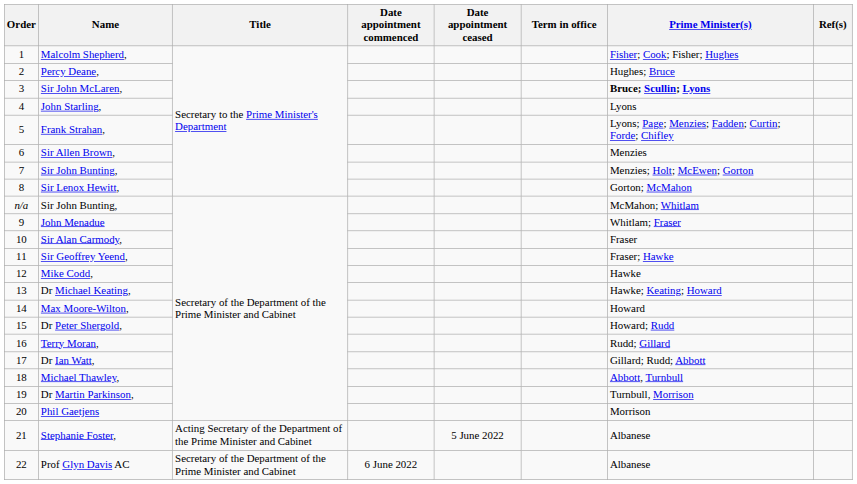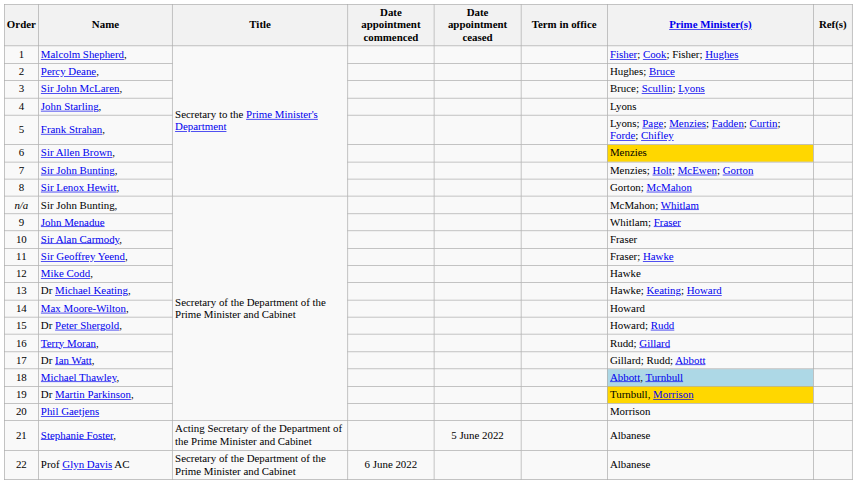 <table class="wikitable">
 <tr>
 <th width=5>Order</th>
 <th width=190>Name</th>
 <th width=250>Title</th>
 <th width=120>Date appointment<br>commenced</th>
 <th width=120>Date appointment<br>ceased</th>
 <th width=120>Term in office</th>
 <th><a href='#'>Prime Minister(s)</a></th>
 <th width=50>Ref(s)</th>
 </tr>
 <tr>
 <td align=center>1</td>
 <td><a href='#'>Malcolm Shepherd</a>, </td>
 <td rowspan=8>Secretary to the <a href='#'>Prime Minister's Department</a></td>
 <td align=center></td>
 <td align=center></td>
 <td align=right></td>
 <td><a href='#'>Fisher</a>; <a href='#'>Cook</a>; Fisher; <a href='#'>Hughes</a></td>
 <td></td>
 </tr>
 <tr>
 <td align=center>2</td>
 <td><a href='#'>Percy Deane</a>, </td>
 <td align=center></td>
 <td align=center></td>
 <td align=right></td>
 <td>Hughes; <a href='#'>Bruce</a></td>
 <td></td>
 </tr>
 <tr>
 <td align=center>3</td>
 <td><a href='#'>Sir John McLaren</a>, </td>
 <td align=center></td>
 <td align=center></td>
 <td align=right></td>
-<td><strong>Bruce; <a href='#'>Scullin</a>; <a href='#'>Lyons</a></strong></td>
+<td>Bruce; <a href='#'>Scullin</a>; <a href='#'>Lyons</a></td>
 <td></td>
 </tr>
 <tr>
 <td align=center>4</td>
 <td><a href='#'>John Starling</a>, </td>
 <td align=center></td>
 <td align=center></td>
 <td align=right></td>
 <td>Lyons</td>
 <td></td>
 </tr>
 <tr>
 <td align=center>5</td>
 <td><a href='#'>Frank Strahan</a>, </td>
 <td align=center></td>
 <td align=center></td>
 <td align=right></td>
 <td>Lyons; <a href='#'>Page</a>; <a href='#'>Menzies</a>; <a href='#'>Fadden</a>; <a href='#'>Curtin</a>; <a href='#'>Forde</a>; <a href='#'>Chifley</a></td>
 <td></td>
 </tr>
 <tr>
 <td align=center>6</td>
 <td><a href='#'>Sir Allen Brown</a>, </td>
 <td align=center></td>
 <td align=center></td>
 <td align=right></td>
-<td>Menzies</td>
+<td style="background: gold;">Menzies</td>
 <td></td>
 </tr>
 <tr>
 <td align=center>7</td>
 <td><a href='#'>Sir John Bunting</a>, </td>
 <td align=center></td>
 <td align=center></td>
 <td align=right></td>
 <td>Menzies; <a href='#'>Holt</a>; <a href='#'>McEwen</a>; <a href='#'>Gorton</a></td>
 <td></td>
 </tr>
 <tr>
 <td align=center>8</td>
 <td><a href='#'>Sir Lenox Hewitt</a>, </td>
 <td align=center></td>
 <td align=center></td>
 <td align=right></td>
 <td>Gorton; <a href='#'>McMahon</a></td>
 <td></td>
 </tr>
 <tr>
 <td align=center><em>n/a</em></td>
 <td>Sir John Bunting, </td>
 <td rowspan="13">Secretary of the Department of the Prime Minister and Cabinet</td>
 <td align=center></td>
 <td align=center></td>
 <td align=right></td>
 <td>McMahon; <a href='#'>Whitlam</a></td>
 <td></td>
 </tr>
 <tr>
 <td align=center>9</td>
 <td><a href='#'>John Menadue</a></td>
 <td align=center></td>
 <td align=center></td>
 <td align=right></td>
 <td>Whitlam; <a href='#'>Fraser</a></td>
 <td></td>
 </tr>
 <tr>
 <td align=center>10</td>
 <td><a href='#'>Sir Alan Carmody</a>, </td>
 <td align=center></td>
 <td align=center></td>
 <td align=right></td>
 <td>Fraser</td>
 <td></td>
 </tr>
 <tr>
 <td align=center>11</td>
 <td><a href='#'>Sir Geoffrey Yeend</a>, </td>
 <td align=center></td>
 <td align=center></td>
 <td align=right></td>
 <td>Fraser; <a href='#'>Hawke</a></td>
 <td></td>
 </tr>
 <tr>
 <td align=center>12</td>
 <td><a href='#'>Mike Codd</a>, </td>
 <td align=center></td>
 <td align=center></td>
 <td align=right></td>
 <td>Hawke</td>
 <td></td>
 </tr>
 <tr>
 <td align=center>13</td>
 <td>Dr <a href='#'>Michael Keating</a>, </td>
 <td align=center></td>
 <td align=center></td>
 <td align=right></td>
 <td>Hawke; <a href='#'>Keating</a>; <a href='#'>Howard</a></td>
 <td></td>
 </tr>
 <tr>
 <td align=center>14</td>
 <td><a href='#'>Max Moore-Wilton</a>, </td>
 <td align=center></td>
 <td align=center></td>
 <td align=right></td>
 <td>Howard</td>
 <td></td>
 </tr>
 <tr>
 <td align=center>15</td>
 <td>Dr <a href='#'>Peter Shergold</a>, </td>
 <td align=center></td>
 <td align=center></td>
 <td align=right></td>
 <td>Howard; <a href='#'>Rudd</a></td>
 <td></td>
 </tr>
 <tr>
 <td align=center>16</td>
 <td><a href='#'>Terry Moran</a>, </td>
 <td align=center></td>
 <td align=center></td>
 <td align=right></td>
 <td>Rudd; <a href='#'>Gillard</a></td>
 <td></td>
 </tr>
 <tr>
 <td align=center>17</td>
 <td>Dr <a href='#'>Ian Watt</a>, </td>
 <td align=center></td>
 <td align=center></td>
 <td align=right></td>
 <td>Gillard; Rudd; <a href='#'>Abbott</a></td>
 <td></td>
 </tr>
 <tr>
 <td align=center>18</td>
 <td><a href='#'>Michael Thawley</a>, </td>
 <td align=center></td>
 <td align=center></td>
 <td align=right></td>
-<td><a href='#'>Abbott</a>, <a href='#'>Turnbull</a></td>
+<td style="background: lightblue;"><a href='#'>Abbott</a>, <a href='#'>Turnbull</a></td>
 <td></td>
 </tr>
 <tr>
 <td align=center>19</td>
 <td>Dr <a href='#'>Martin Parkinson</a>, </td>
 <td align="center"></td>
 <td align="right"></td>
 <td align=right></td>
-<td>Turnbull, <a href='#'>Morrison</a></td>
+<td style="background: gold;">Turnbull, <a href='#'>Morrison</a></td>
 <td></td>
 </tr>
 <tr>
 <td align=center>20</td>
 <td><a href='#'>Phil Gaetjens</a></td>
 <td align="center"></td>
 <td align="center"></td>
 <td align=right></td>
 <td>Morrison</td>
 <td></td>
 </tr>
 <tr>
 <td align=center>21</td>
 <td><a href='#'>Stephanie Foster</a>, </td>
 <td align="left">Acting Secretary of the Department of the Prime Minister and Cabinet</td>
 <td align="center"></td>
 <td align="center">5 June 2022</td>
 <td align="right"></td>
 <td>Albanese</td>
 <td></td>
 </tr>
 <tr>
 <td align=center>22</td>
 <td>Prof <a href='#'>Glyn Davis</a> AC</td>
 <td>Secretary of the Department of the Prime Minister and Cabinet</td>
 <td align=center>6 June 2022</td>
 <td></td>
 <td align=right></td>
 <td>Albanese</td>
 <td></td>
 </tr>
 </table>
